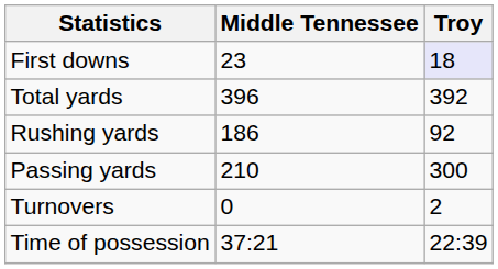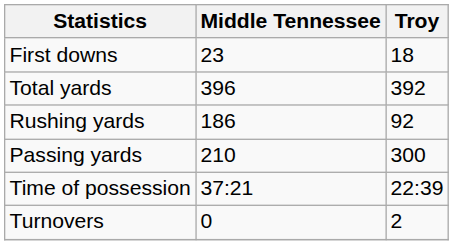 <table class="wikitable">
 <tr>
 <th>Statistics</th>
 <th>Middle Tennessee</th>
 <th>Troy</th>
 </tr>
 <tr>
 <td>First downs</td>
 <td>23</td>
-<td style="background: lavender;">18</td>
+<td>18</td>
 </tr>
 <tr>
 <td>Total yards</td>
 <td>396</td>
 <td>392</td>
 </tr>
 <tr>
 <td>Rushing yards</td>
 <td>186</td>
 <td>92</td>
 </tr>
 <tr>
 <td>Passing yards</td>
 <td>210</td>
 <td>300</td>
 </tr>
 <tr>
+<td>Time of possession</td>
+<td>37:21</td>
+<td>22:39</td>
+</tr>
+<tr>
 <td>Turnovers</td>
 <td>0</td>
 <td>2</td>
 </tr>
 <tr>
-<td>Time of possession</td>
-<td>37:21</td>
-<td>22:39</td>
-</tr>
-<tr>
 </tr>
 </table>
